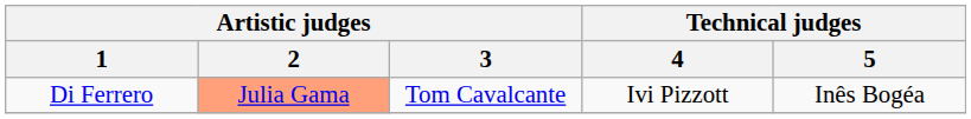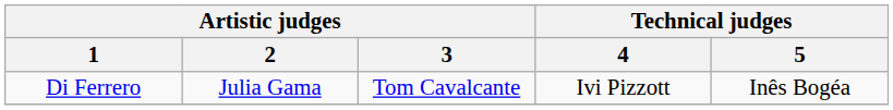 <table class="wikitable" style="font-size:100%; line-height:16px; text-align:center" width="100%">
 <tr TBA>
 <th colspan=3>Artistic judges</th>
 <th colspan=2>Technical judges</th>
 </tr>
 <tr>
 <th width="20.0%">1</th>
 <th width="20.0%">2</th>
 <th width="20.0%">3</th>
 <th width="20.0%">4</th>
 <th width="20.0%">5</th>
 </tr>
 <tr>
 <td><a href='#'>Di Ferrero</a></td>
-<td style="background: lightsalmon;"><a href='#'>Julia Gama</a></td>
+<td><a href='#'>Julia Gama</a></td>
 <td><a href='#'>Tom Cavalcante</a></td>
 <td>Ivi Pizzott</td>
 <td>Inês Bogéa</td>
 </tr>
 <tr>
 </tr>
 </table>
